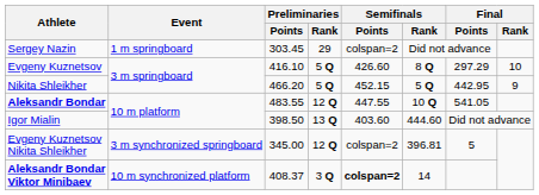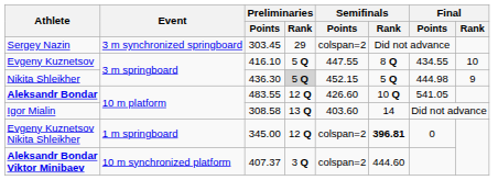 <table class="wikitable" style="text-align:center; font-size:90%">
 <tr>
 <th rowspan=2>Athlete</th>
 <th rowspan=2>Event</th>
 <th colspan=2>Preliminaries</th>
 <th colspan=2>Semifinals</th>
 <th colspan=2>Final</th>
 </tr>
 <tr style="font-size:95%">
 <th>Points</th>
 <th>Rank</th>
 <th>Points</th>
 <th>Rank</th>
 <th>Points</th>
 <th>Rank</th>
 </tr>
 <tr>
 <td align=left><a href='#'>Sergey Nazin</a></td>
-<td align=left><a href='#'>1 m springboard</a></td>
+<td align=left><a href='#'>3 m synchronized springboard</a></td>
 <td>303.45</td>
 <td>29</td>
 <td>colspan=2 </td>
 <td colspan=2>Did not advance</td>
 </tr>
 <tr>
 <td align=left><a href='#'>Evgeny Kuznetsov</a></td>
 <td rowspan=2 align=left><a href='#'>3 m springboard</a></td>
 <td>416.10</td>
 <td>5 <strong>Q</strong></td>
-<td>426.60</td>
+<td>447.55</td>
 <td>8 <strong>Q</strong></td>
-<td>297.29</td>
+<td>434.55</td>
 <td>10</td>
 </tr>
 <tr>
 <td align=left><a href='#'>Nikita Shleikher</a></td>
-<td>466.20</td>
-<td>5 <strong>Q</strong></td>
+<td>436.30</td>
+<td style="background: lightgrey;">5 <strong>Q</strong></td>
 <td>452.15</td>
 <td>5 <strong>Q</strong></td>
-<td>442.95</td>
+<td>444.98</td>
 <td>9</td>
 </tr>
 <tr>
 <td align=left><strong><a href='#'>Aleksandr Bondar</a></strong></td>
 <td rowspan=2 align=left><a href='#'>10 m platform</a></td>
 <td>483.55</td>
 <td>12 <strong>Q</strong></td>
-<td>447.55</td>
+<td>426.60</td>
 <td>10 <strong>Q</strong></td>
 <td>541.05</td>
 <td></td>
 </tr>
 <tr>
 <td align=left><a href='#'>Igor Mialin</a></td>
-<td>398.50</td>
+<td>308.58</td>
 <td>13 <strong>Q</strong></td>
 <td>403.60</td>
-<td>444.60</td>
+<td>14</td>
 <td colspan=2>Did not advance</td>
 </tr>
 <tr>
 <td align=left><a href='#'>Evgeny Kuznetsov</a><br><a href='#'>Nikita Shleikher</a></td>
-<td align=left><a href='#'>3 m synchronized springboard</a></td>
+<td align=left><a href='#'>1 m springboard</a></td>
 <td>345.00</td>
 <td>12 <strong>Q</strong></td>
 <td>colspan=2 </td>
-<td>396.81</td>
-<td>5</td>
+<td><strong>396.81</strong></td>
+<td>0</td>
 </tr>
 <tr>
 <td align=left><strong><a href='#'>Aleksandr Bondar</a><br><a href='#'>Viktor Minibaev</a></strong></td>
 <td align=left><a href='#'>10 m synchronized platform</a></td>
-<td>408.37</td>
+<td>407.37</td>
 <td>3 <strong>Q</strong></td>
-<td><strong>colspan=2 </strong></td>
-<td>14</td>
+<td>colspan=2 </td>
+<td>444.60</td>
 <td></td>
 </tr>
 </table>
